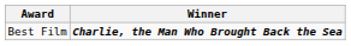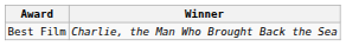 <table class="wikitable">
 <tr>
 <th>Award</th>
 <th>Winner</th>
 </tr>
 <tr>
 <td>Best Film</td>
-<td><strong><em>Charlie, the Man Who Brought Back the Sea</em></strong></td>
+<td><em>Charlie, the Man Who Brought Back the Sea</em></td>
 </tr>
 </table>
